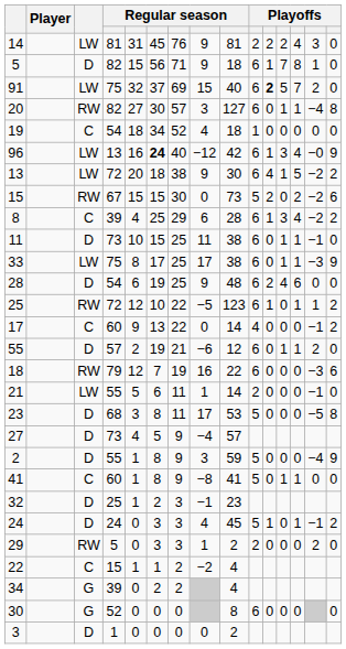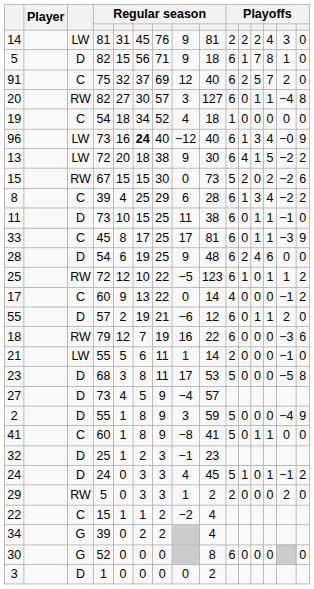 <table class="wikitable sortable plainrowheaders" style="text-align:center;">
 <tr>
 <th scope="col" data-sort-type="number" rowspan="2"></th>
 <th scope="col" rowspan="2">Player</th>
 <th scope="col" rowspan="2"></th>
 <th scope=colgroup colspan=6>Regular season</th>
 <th scope=colgroup colspan=6>Playoffs</th>
 </tr>
 <tr>
 <th scope="col" data-sort-type="number"></th>
 <th scope="col" data-sort-type="number"></th>
 <th scope="col" data-sort-type="number"></th>
 <th scope="col" data-sort-type="number"></th>
 <th scope="col" data-sort-type="number"></th>
 <th scope="col" data-sort-type="number"></th>
 <th scope="col" data-sort-type="number"></th>
 <th scope="col" data-sort-type="number"></th>
 <th scope="col" data-sort-type="number"></th>
 <th scope="col" data-sort-type="number"></th>
 <th scope="col" data-sort-type="number"></th>
 <th scope="col" data-sort-type="number"></th>
 </tr>
 <tr>
 <td scope="row">14</td>
 <td align="left"></td>
 <td>LW</td>
 <td>81</td>
 <td>31</td>
 <td>45</td>
 <td>76</td>
 <td>9</td>
 <td>81</td>
 <td>2</td>
 <td>2</td>
 <td>2</td>
 <td>4</td>
 <td>3</td>
 <td>0</td>
 </tr>
 <tr>
 <td scope="row">5</td>
 <td align="left"></td>
 <td>D</td>
 <td>82</td>
 <td>15</td>
 <td>56</td>
 <td>71</td>
 <td>9</td>
 <td>18</td>
 <td>6</td>
 <td>1</td>
 <td>7</td>
 <td>8</td>
 <td>1</td>
 <td>0</td>
 </tr>
 <tr>
 <td scope="row">91</td>
 <td align="left"></td>
-<td>LW</td>
+<td>C</td>
 <td>75</td>
 <td>32</td>
 <td>37</td>
 <td>69</td>
-<td>15</td>
+<td>12</td>
 <td>40</td>
 <td>6</td>
-<td><strong>2</strong></td>
+<td>2</td>
 <td>5</td>
 <td>7</td>
 <td>2</td>
 <td>0</td>
 </tr>
 <tr>
 <td scope="row">20</td>
 <td align="left"></td>
 <td>RW</td>
 <td>82</td>
 <td>27</td>
 <td>30</td>
 <td>57</td>
 <td>3</td>
 <td>127</td>
 <td>6</td>
 <td>0</td>
 <td>1</td>
 <td>1</td>
 <td>−4</td>
 <td>8</td>
 </tr>
 <tr>
 <td scope="row">19</td>
 <td align="left"></td>
 <td>C</td>
 <td>54</td>
 <td>18</td>
 <td>34</td>
 <td>52</td>
 <td>4</td>
 <td>18</td>
 <td>1</td>
 <td>0</td>
 <td>0</td>
 <td>0</td>
 <td>0</td>
 <td>0</td>
 </tr>
 <tr>
 <td scope="row">96</td>
 <td align="left"></td>
 <td>LW</td>
-<td>13</td>
+<td>73</td>
 <td>16</td>
 <td><strong>24</strong></td>
 <td>40</td>
 <td>−12</td>
-<td>42</td>
+<td>40</td>
 <td>6</td>
 <td>1</td>
 <td>3</td>
 <td>4</td>
 <td>−0</td>
 <td>9</td>
 </tr>
 <tr>
 <td scope="row">13</td>
 <td align="left"></td>
 <td>LW</td>
 <td>72</td>
 <td>20</td>
 <td>18</td>
 <td>38</td>
 <td>9</td>
 <td>30</td>
 <td>6</td>
 <td>4</td>
 <td>1</td>
 <td>5</td>
 <td>−2</td>
 <td>2</td>
 </tr>
 <tr>
 <td scope="row">15</td>
 <td align="left"></td>
 <td>RW</td>
 <td>67</td>
 <td>15</td>
 <td>15</td>
 <td>30</td>
 <td>0</td>
 <td>73</td>
 <td>5</td>
 <td>2</td>
 <td>0</td>
 <td>2</td>
 <td>−2</td>
 <td>6</td>
 </tr>
 <tr>
 <td scope="row">8</td>
 <td align="left"></td>
 <td>C</td>
 <td>39</td>
 <td>4</td>
 <td>25</td>
 <td>29</td>
 <td>6</td>
 <td>28</td>
 <td>6</td>
 <td>1</td>
 <td>3</td>
 <td>4</td>
 <td>−2</td>
 <td>2</td>
 </tr>
 <tr>
 <td scope="row">11</td>
 <td align="left"></td>
 <td>D</td>
 <td>73</td>
 <td>10</td>
 <td>15</td>
 <td>25</td>
 <td>11</td>
 <td>38</td>
 <td>6</td>
 <td>0</td>
 <td>1</td>
 <td>1</td>
 <td>−1</td>
 <td>0</td>
 </tr>
 <tr>
 <td scope="row">33</td>
 <td align="left"></td>
-<td>LW</td>
-<td>75</td>
+<td>C</td>
+<td>45</td>
 <td>8</td>
 <td>17</td>
 <td>25</td>
 <td>17</td>
-<td>38</td>
+<td>81</td>
 <td>6</td>
 <td>0</td>
 <td>1</td>
 <td>1</td>
 <td>−3</td>
 <td>9</td>
 </tr>
 <tr>
 <td scope="row">28</td>
 <td align="left"></td>
 <td>D</td>
 <td>54</td>
 <td>6</td>
 <td>19</td>
 <td>25</td>
 <td>9</td>
 <td>48</td>
 <td>6</td>
 <td>2</td>
 <td>4</td>
 <td>6</td>
 <td>0</td>
 <td>0</td>
 </tr>
 <tr>
 <td scope="row">25</td>
 <td align="left"></td>
 <td>RW</td>
 <td>72</td>
 <td>12</td>
 <td>10</td>
 <td>22</td>
 <td>−5</td>
 <td>123</td>
 <td>6</td>
 <td>1</td>
 <td>0</td>
 <td>1</td>
 <td>1</td>
 <td>2</td>
 </tr>
 <tr>
 <td scope="row">17</td>
 <td align="left"></td>
 <td>C</td>
 <td>60</td>
 <td>9</td>
 <td>13</td>
 <td>22</td>
 <td>0</td>
 <td>14</td>
 <td>4</td>
 <td>0</td>
 <td>0</td>
 <td>0</td>
 <td>−1</td>
 <td>2</td>
 </tr>
 <tr>
 <td scope="row">55</td>
 <td align="left"></td>
 <td>D</td>
 <td>57</td>
 <td>2</td>
 <td>19</td>
 <td>21</td>
 <td>−6</td>
 <td>12</td>
 <td>6</td>
 <td>0</td>
 <td>1</td>
 <td>1</td>
 <td>2</td>
 <td>0</td>
 </tr>
 <tr>
 <td scope="row">18</td>
 <td align="left"></td>
 <td>RW</td>
 <td>79</td>
 <td>12</td>
 <td>7</td>
 <td>19</td>
 <td>16</td>
 <td>22</td>
 <td>6</td>
 <td>0</td>
 <td>0</td>
 <td>0</td>
 <td>−3</td>
 <td>6</td>
 </tr>
 <tr>
 <td scope="row">21</td>
 <td align="left"></td>
 <td>LW</td>
 <td>55</td>
 <td>5</td>
 <td>6</td>
 <td>11</td>
 <td>1</td>
 <td>14</td>
 <td>2</td>
 <td>0</td>
 <td>0</td>
 <td>0</td>
 <td>−1</td>
 <td>0</td>
 </tr>
 <tr>
 <td scope="row">23</td>
 <td align="left"></td>
 <td>D</td>
 <td>68</td>
 <td>3</td>
 <td>8</td>
 <td>11</td>
 <td>17</td>
 <td>53</td>
 <td>5</td>
 <td>0</td>
 <td>0</td>
 <td>0</td>
 <td>−5</td>
 <td>8</td>
 </tr>
 <tr>
 <td scope="row">27</td>
 <td align="left"></td>
 <td>D</td>
 <td>73</td>
 <td>4</td>
 <td>5</td>
 <td>9</td>
 <td>−4</td>
 <td>57</td>
 <td></td>
 <td></td>
 <td></td>
 <td></td>
 <td></td>
 <td></td>
 </tr>
 <tr>
 <td scope="row">2</td>
 <td align="left"></td>
 <td>D</td>
 <td>55</td>
 <td>1</td>
 <td>8</td>
 <td>9</td>
 <td>3</td>
 <td>59</td>
 <td>5</td>
 <td>0</td>
 <td>0</td>
 <td>0</td>
 <td>−4</td>
 <td>9</td>
 </tr>
 <tr>
 <td scope="row">41</td>
 <td align="left"></td>
 <td>C</td>
 <td>60</td>
 <td>1</td>
 <td>8</td>
 <td>9</td>
 <td>−8</td>
 <td>41</td>
 <td>5</td>
 <td>0</td>
 <td>1</td>
 <td>1</td>
 <td>0</td>
 <td>0</td>
 </tr>
 <tr>
 <td scope="row">32</td>
 <td align="left"></td>
 <td>D</td>
 <td>25</td>
 <td>1</td>
 <td>2</td>
 <td>3</td>
 <td>−1</td>
 <td>23</td>
 <td></td>
 <td></td>
 <td></td>
 <td></td>
 <td></td>
 <td></td>
 </tr>
 <tr>
 <td scope="row">24</td>
 <td align="left"></td>
 <td>D</td>
 <td>24</td>
 <td>0</td>
 <td>3</td>
 <td>3</td>
 <td>4</td>
 <td>45</td>
 <td>5</td>
 <td>1</td>
 <td>0</td>
 <td>1</td>
 <td>−1</td>
 <td>2</td>
 </tr>
 <tr>
 <td scope="row">29</td>
 <td align="left"></td>
 <td>RW</td>
 <td>5</td>
 <td>0</td>
 <td>3</td>
 <td>3</td>
 <td>1</td>
 <td>2</td>
 <td>2</td>
 <td>0</td>
 <td>0</td>
 <td>0</td>
 <td>2</td>
 <td>0</td>
 </tr>
 <tr>
 <td scope="row">22</td>
 <td align="left"></td>
 <td>C</td>
 <td>15</td>
 <td>1</td>
 <td>1</td>
 <td>2</td>
 <td>−2</td>
 <td>4</td>
 <td></td>
 <td></td>
 <td></td>
 <td></td>
 <td></td>
 <td></td>
 </tr>
 <tr>
 <td scope="row">34</td>
 <td align="left"></td>
 <td>G</td>
 <td>39</td>
 <td>0</td>
 <td>2</td>
 <td>2</td>
 <td style="background:#ccc"></td>
 <td>4</td>
 <td></td>
 <td></td>
 <td></td>
 <td></td>
 <td></td>
 <td></td>
 </tr>
 <tr>
 <td scope="row">30</td>
 <td align="left"></td>
 <td>G</td>
 <td>52</td>
 <td>0</td>
 <td>0</td>
 <td>0</td>
 <td style="background:#ccc"></td>
 <td>8</td>
 <td>6</td>
 <td>0</td>
 <td>0</td>
 <td>0</td>
 <td style="background:#ccc"></td>
 <td>0</td>
 </tr>
 <tr>
 <td scope="row">3</td>
 <td align="left"></td>
 <td>D</td>
 <td>1</td>
 <td>0</td>
 <td>0</td>
 <td>0</td>
 <td>0</td>
 <td>2</td>
 <td></td>
 <td></td>
 <td></td>
 <td></td>
 <td></td>
 <td></td>
 </tr>
 </table>
